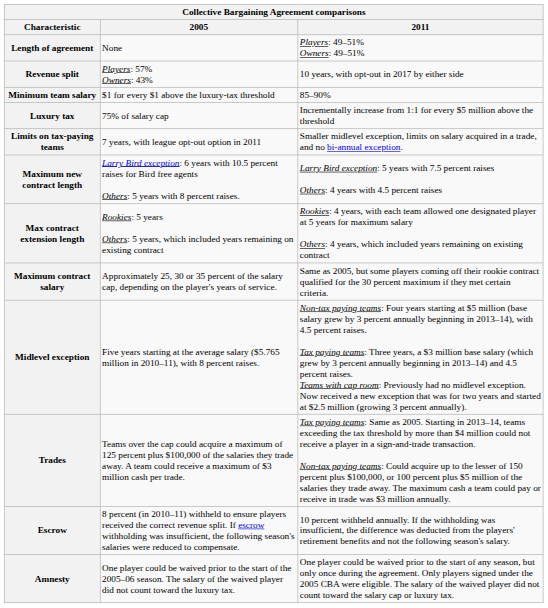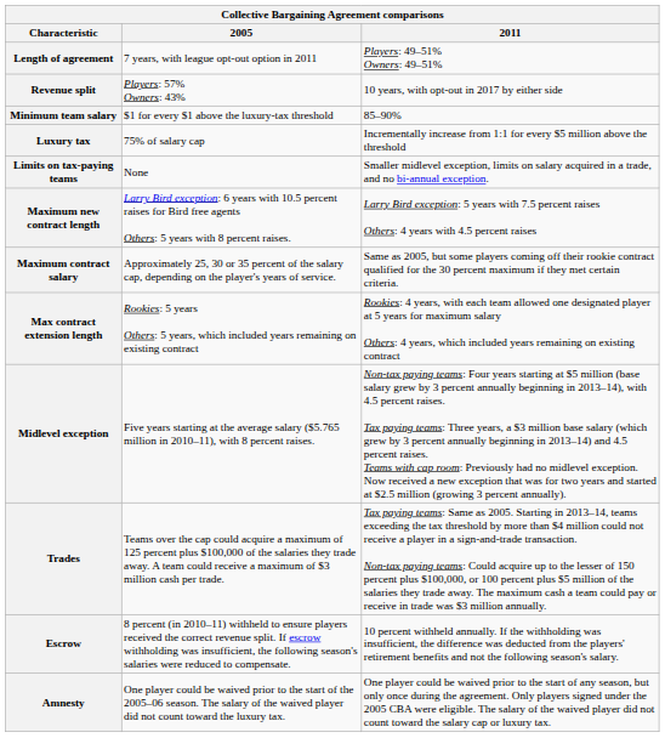 <table class="wikitable collapsible collapsed" style="width:100%; margin:0 0 0.5em 1em; text-align:left; font-size:95%">
 <tr>
 <th scope="col" colspan="3">Collective Bargaining Agreement comparisons</th>
 </tr>
 <tr>
 <th scope="col" style="width:80px">Characteristic</th>
 <th scope="col" style="width:200px">2005</th>
 <th scope="col" style="width:250px">2011</th>
 </tr>
 <tr>
 <th scope="row">Length of agreement</th>
-<td>None</td>
+<td>7 years, with league opt-out option in 2011</td>
 <td><u><em>Players</em></u>: 49–51%<br><u><em>Owners</em></u>: 49–51%</td>
 </tr>
 <tr>
 <th scope="row">Revenue split</th>
 <td><u><em>Players</em></u>: 57%<br><u><em>Owners</em></u>: 43%</td>
 <td>10 years, with opt-out in 2017 by either side</td>
 </tr>
 <tr>
 <th scope="row">Minimum team salary</th>
 <td>$1 for every $1 above the luxury-tax threshold</td>
 <td>85–90%</td>
 </tr>
 <tr>
 <th scope="row">Luxury tax</th>
 <td>75% of salary cap</td>
 <td>Incrementally increase from 1:1 for every $5 million above the threshold</td>
 </tr>
 <tr>
 <th scope="row">Limits on tax-paying teams</th>
-<td>7 years, with league opt-out option in 2011</td>
+<td>None</td>
 <td>Smaller midlevel exception, limits on salary acquired in a trade, and no <a href='#'>bi-annual exception</a>.</td>
 </tr>
 <tr>
 <th scope="row">Maximum new contract length</th>
 <td><u><em><a href='#'>Larry Bird exception</a></em></u>: 6 years with 10.5 percent raises for Bird free agents<br><br><u><em>Others</em></u>: 5 years with 8 percent raises.</td>
 <td><u><em>Larry Bird exception</em></u>: 5 years with 7.5 percent raises<br><br><u><em>Others</em></u>: 4 years with 4.5 percent raises</td>
 </tr>
 <tr>
+<th scope="row">Maximum contract salary</th>
+<td>Approximately 25, 30 or 35 percent of the salary cap, depending on the player's years of service.</td>
+<td>Same as 2005, but some players coming off their rookie contract qualified for the 30 percent maximum if they met certain criteria.</td>
+</tr>
+<tr>
 <th scope="row">Max contract extension length</th>
 <td><u><em>Rookies</em></u>: 5 years<br><br><u><em>Others</em></u>: 5 years, which included years remaining on existing contract</td>
 <td><u><em>Rookies</em></u>: 4 years, with each team allowed one designated player at 5 years for maximum salary<br><br><u><em>Others</em></u>: 4 years, which included years remaining on existing contract</td>
-</tr>
-<tr>
-<th scope="row">Maximum contract salary</th>
-<td>Approximately 25, 30 or 35 percent of the salary cap, depending on the player's years of service.</td>
-<td>Same as 2005, but some players coming off their rookie contract qualified for the 30 percent maximum if they met certain criteria.</td>
 </tr>
 <tr>
 <th scope="row">Midlevel exception</th>
 <td>Five years starting at the average salary ($5.765 million in 2010–11), with 8 percent raises.</td>
 <td><u><em>Non-tax paying teams</em></u>: Four years starting at $5 million (base salary grew by 3 percent annually beginning in 2013–14), with 4.5 percent raises.<br><br><u><em>Tax paying teams</em></u>: Three years, a $3 million base salary (which grew by 3 percent annually beginning in 2013–14) and 4.5 percent raises.<br> <u><em>Teams with cap room</em></u>: Previously had no midlevel exception. Now received a new exception that was for two years and started at $2.5 million (growing 3 percent annually).</td>
 </tr>
 <tr>
 <th scope="row">Trades</th>
 <td>Teams over the cap could acquire a maximum of 125 percent plus $100,000 of the salaries they trade away. A team could receive a maximum of $3 million cash per trade.</td>
 <td><u><em>Tax paying teams</em></u>: Same as 2005. Starting in 2013–14, teams exceeding the tax threshold by more than $4 million could not receive a player in a sign-and-trade transaction.<br><br><u><em>Non-tax paying teams</em></u>: Could acquire up to the lesser of 150 percent plus $100,000, or 100 percent plus $5 million of the salaries they trade away. The maximum cash a team could pay or receive in trade was $3 million annually.</td>
 </tr>
 <tr>
 <th scope="row">Escrow</th>
 <td>8 percent (in 2010–11) withheld to ensure players received the correct revenue split. If <a href='#'>escrow</a> withholding was insufficient, the following season's salaries were reduced to compensate.</td>
 <td>10 percent withheld annually. If the withholding was insufficient, the difference was deducted from the players' retirement benefits and not the following season's salary.</td>
 </tr>
 <tr>
 <th scope="row">Amnesty</th>
 <td>One player could be waived prior to the start of the 2005–06 season. The salary of the waived player did not count toward the luxury tax.</td>
 <td>One player could be waived prior to the start of any season, but only once during the agreement. Only players signed under the 2005 CBA were eligible. The salary of the waived player did not count toward the salary cap or luxury tax.</td>
 </tr>
 </table>
